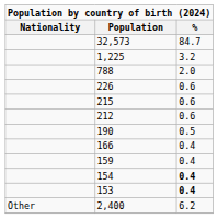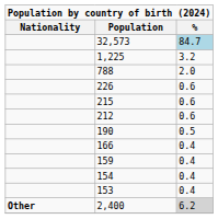 <table class="wikitable" style="float:right;">
 <tr>
 <td colspan="3"><strong>Population by country of birth (2024)</strong></td>
 </tr>
 <tr \>
 <th>Nationality</th>
 <th>Population</th>
 <th>%</th>
 </tr>
 <tr>
 <td></td>
 <td>32,573</td>
-<td>84.7</td>
+<td style="background: lightblue;">84.7</td>
 </tr>
 <tr>
 <td></td>
 <td>1,225</td>
 <td>3.2</td>
 </tr>
 <tr>
 <td></td>
 <td>788</td>
 <td>2.0</td>
 </tr>
 <tr>
 <td></td>
 <td>226</td>
 <td>0.6</td>
 </tr>
 <tr>
 <td></td>
 <td>215</td>
 <td>0.6</td>
 </tr>
 <tr>
 <td></td>
 <td>212</td>
 <td>0.6</td>
 </tr>
 <tr>
 <td></td>
 <td>190</td>
 <td>0.5</td>
 </tr>
 <tr>
 <td></td>
 <td>166</td>
 <td>0.4</td>
 </tr>
 <tr>
 <td></td>
 <td>159</td>
 <td>0.4</td>
 </tr>
 <tr>
 <td></td>
 <td>154</td>
-<td><strong>0.4</strong></td>
+<td>0.4</td>
 </tr>
 <tr>
 <td></td>
 <td>153</td>
-<td><strong>0.4</strong></td>
+<td>0.4</td>
 </tr>
 <tr>
-<td>Other</td>
+<td><strong>Other</strong></td>
 <td>2,400</td>
-<td>6.2</td>
+<td style="background: lightgrey;">6.2</td>
 </tr>
 <tr>
 </tr>
 </table>
